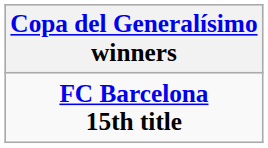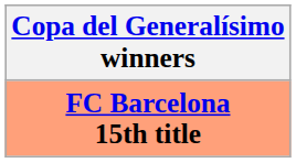 <table class="wikitable" style="text-align: center; margin: 0 auto;">
 <tr>
 <th><a href='#'>Copa del Generalísimo</a><br>winners</th>
 </tr>
 <tr>
-<td><strong><a href='#'>FC Barcelona</a></strong><br><strong>15th title</strong></td>
+<td style="background: lightsalmon;"><strong><a href='#'>FC Barcelona</a></strong><br><strong>15th title</strong></td>
 </tr>
 </table>
